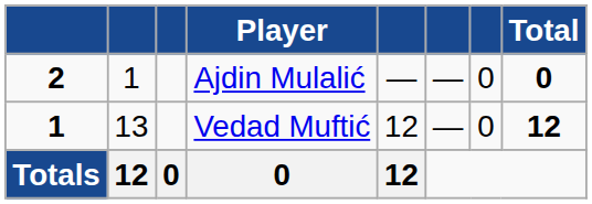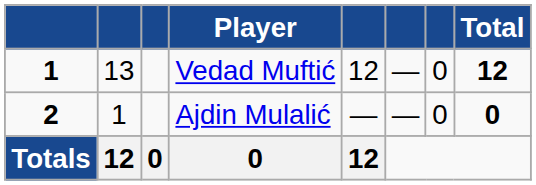 <table class="wikitable sortable" style="font-size: 95%; text-align: center;">
 <tr>
 <th style="background:#18488f; color:#FFFFFF; "></th>
 <th style="background:#18488f; color:#FFFFFF; "></th>
 <th style="background:#18488f; color:#FFFFFF; "></th>
 <th style="background:#18488f; color:#FFFFFF; ">Player</th>
 <th style="background:#18488f; color:#FFFFFF; "></th>
 <th style="background:#18488f; color:#FFFFFF; "></th>
 <th style="background:#18488f; color:#FFFFFF; "></th>
 <th style="background:#18488f; color:#FFFFFF; ">Total</th>
 </tr>
 <tr>
+<td><strong>1</strong></td>
+<td>13</td>
+<td></td>
+<td align=left><a href='#'>Vedad Muftić</a></td>
+<td>12</td>
+<td>—</td>
+<td>0</td>
+<td><strong>12</strong></td>
+</tr>
+<tr>
 <td><strong>2</strong></td>
 <td>1</td>
 <td></td>
 <td align=left><a href='#'>Ajdin Mulalić</a></td>
 <td>—</td>
 <td>—</td>
 <td>0</td>
 <td><strong>0</strong></td>
 </tr>
 <tr>
-<td><strong>1</strong></td>
-<td>13</td>
-<td></td>
-<td align=left><a href='#'>Vedad Muftić</a></td>
-<td>12</td>
-<td>—</td>
-<td>0</td>
-<td><strong>12</strong></td>
-</tr>
-<tr>
 <th style="background:#18488f; color:#FFFFFF; "><strong>Totals</strong></th>
 <th>12 </th>
 <th>0 </th>
 <th>0 </th>
 <th>12 </th>
 </tr>
 </table>
